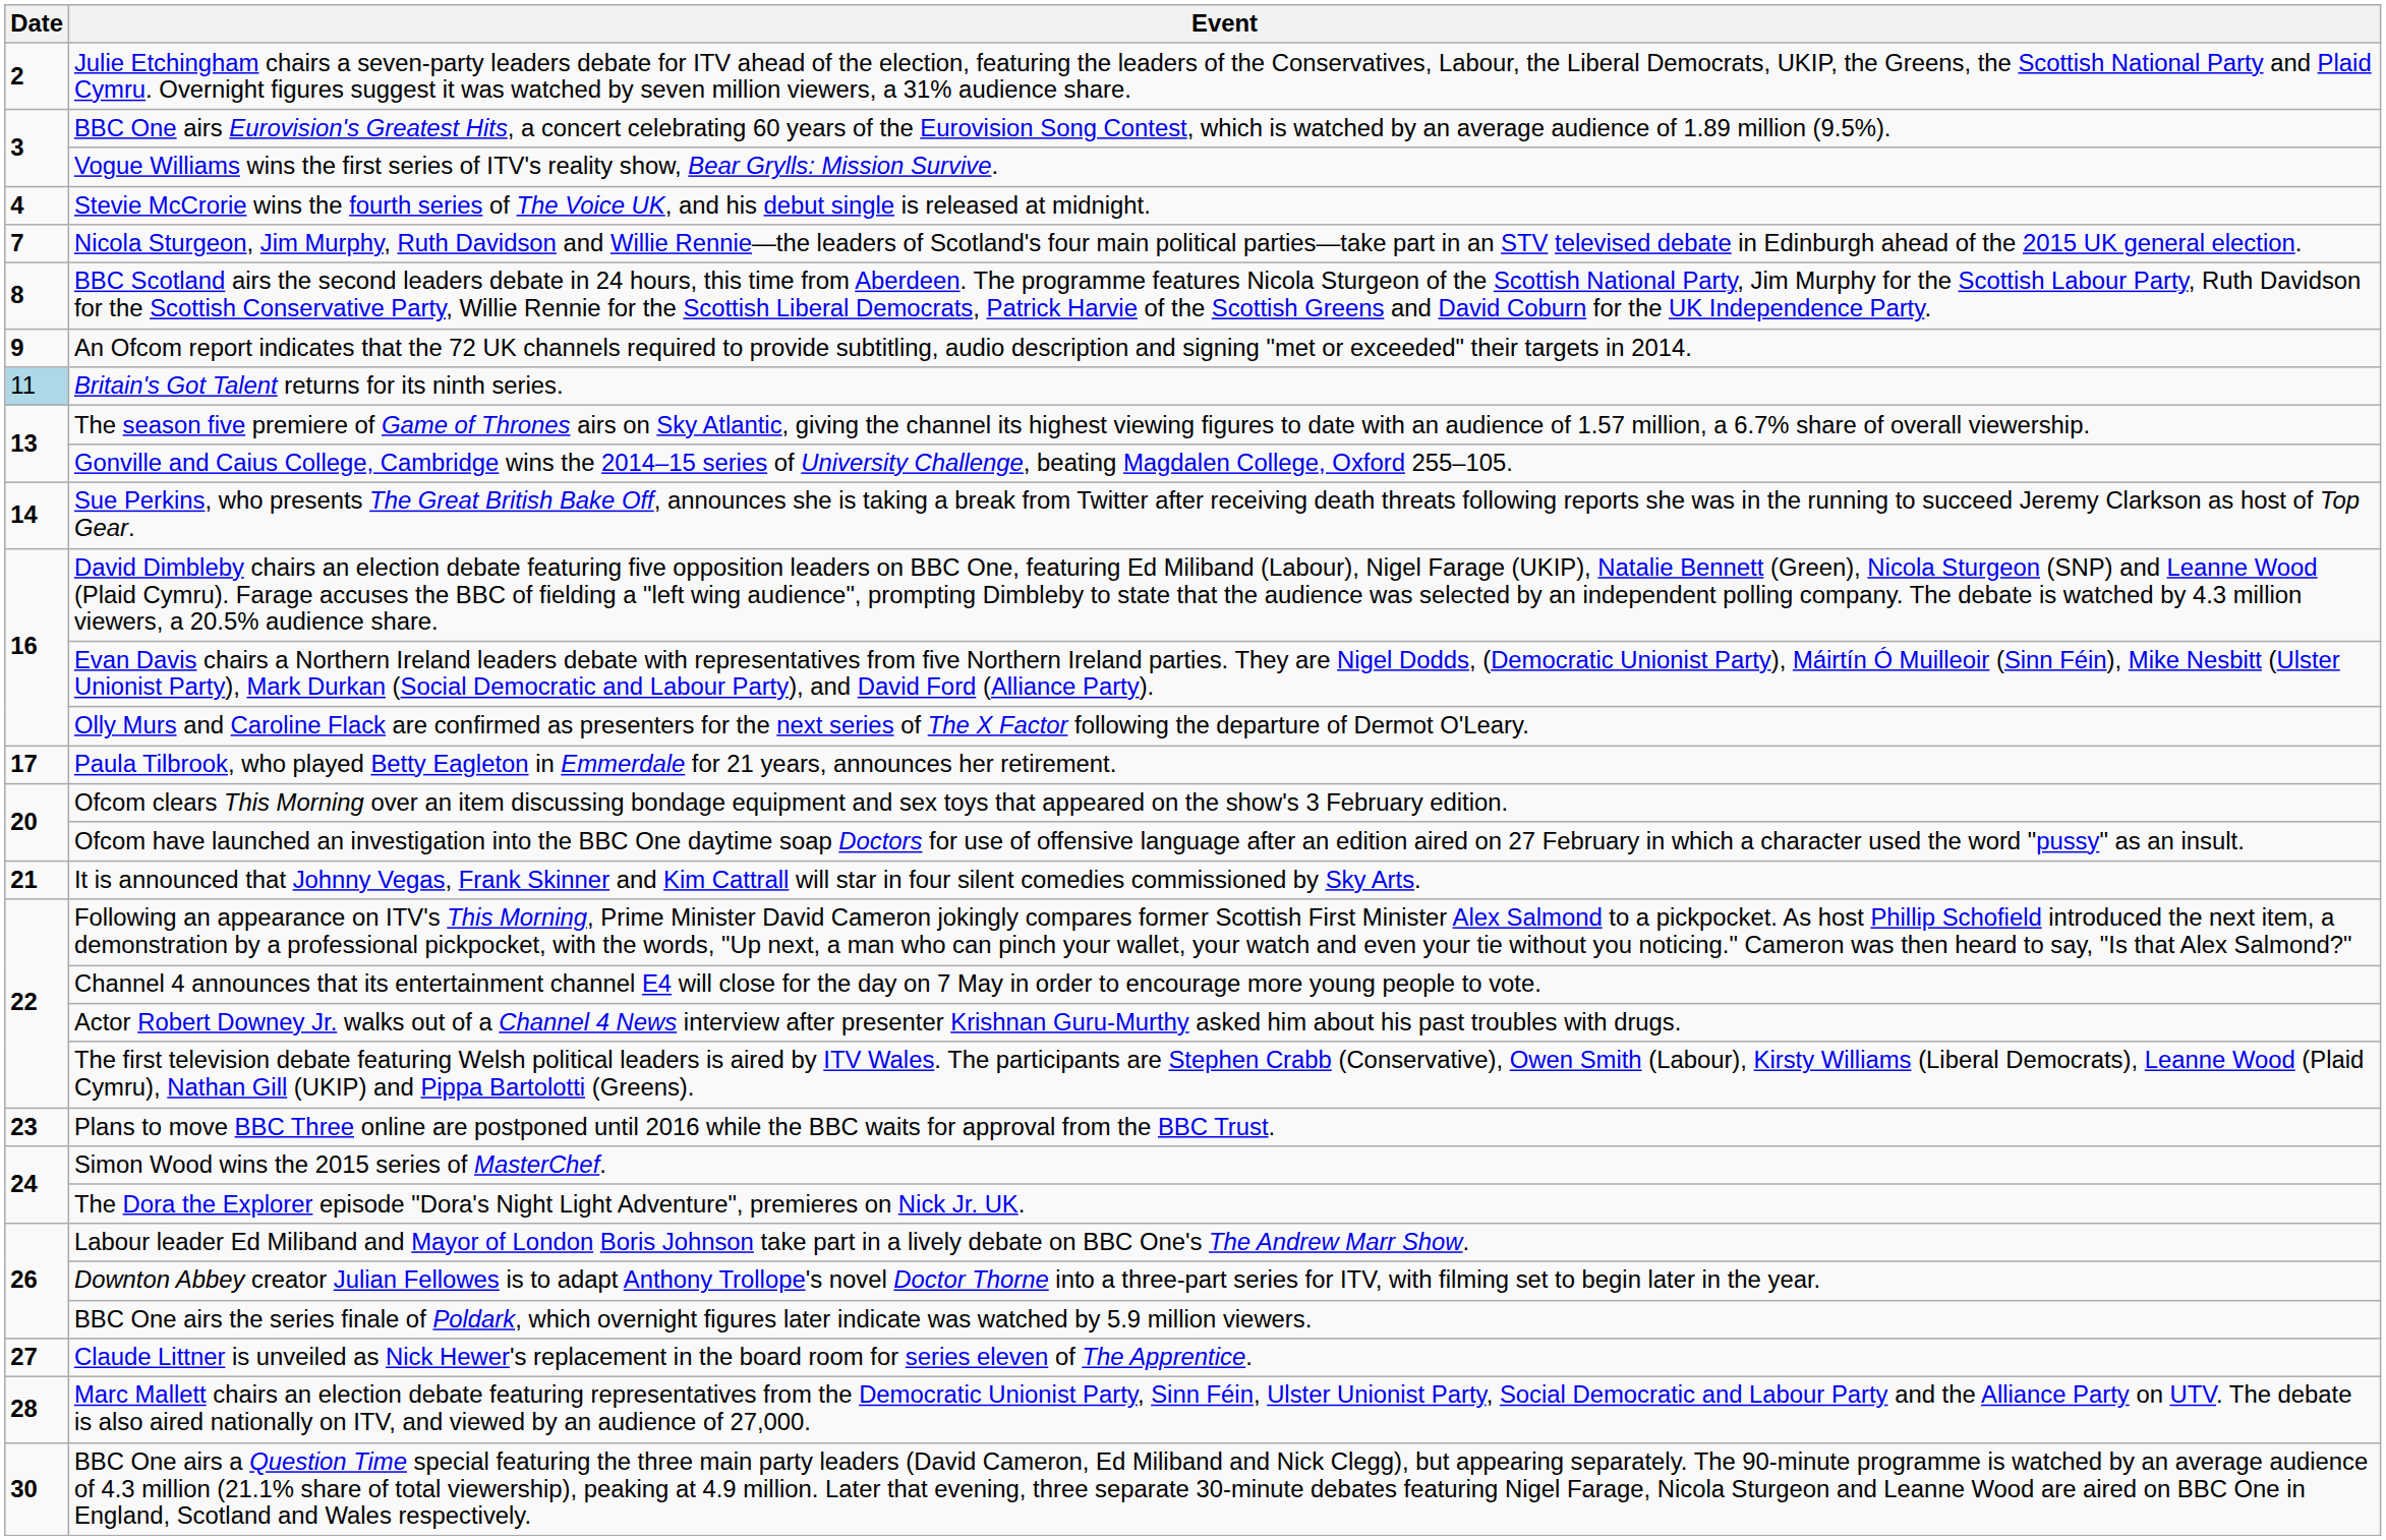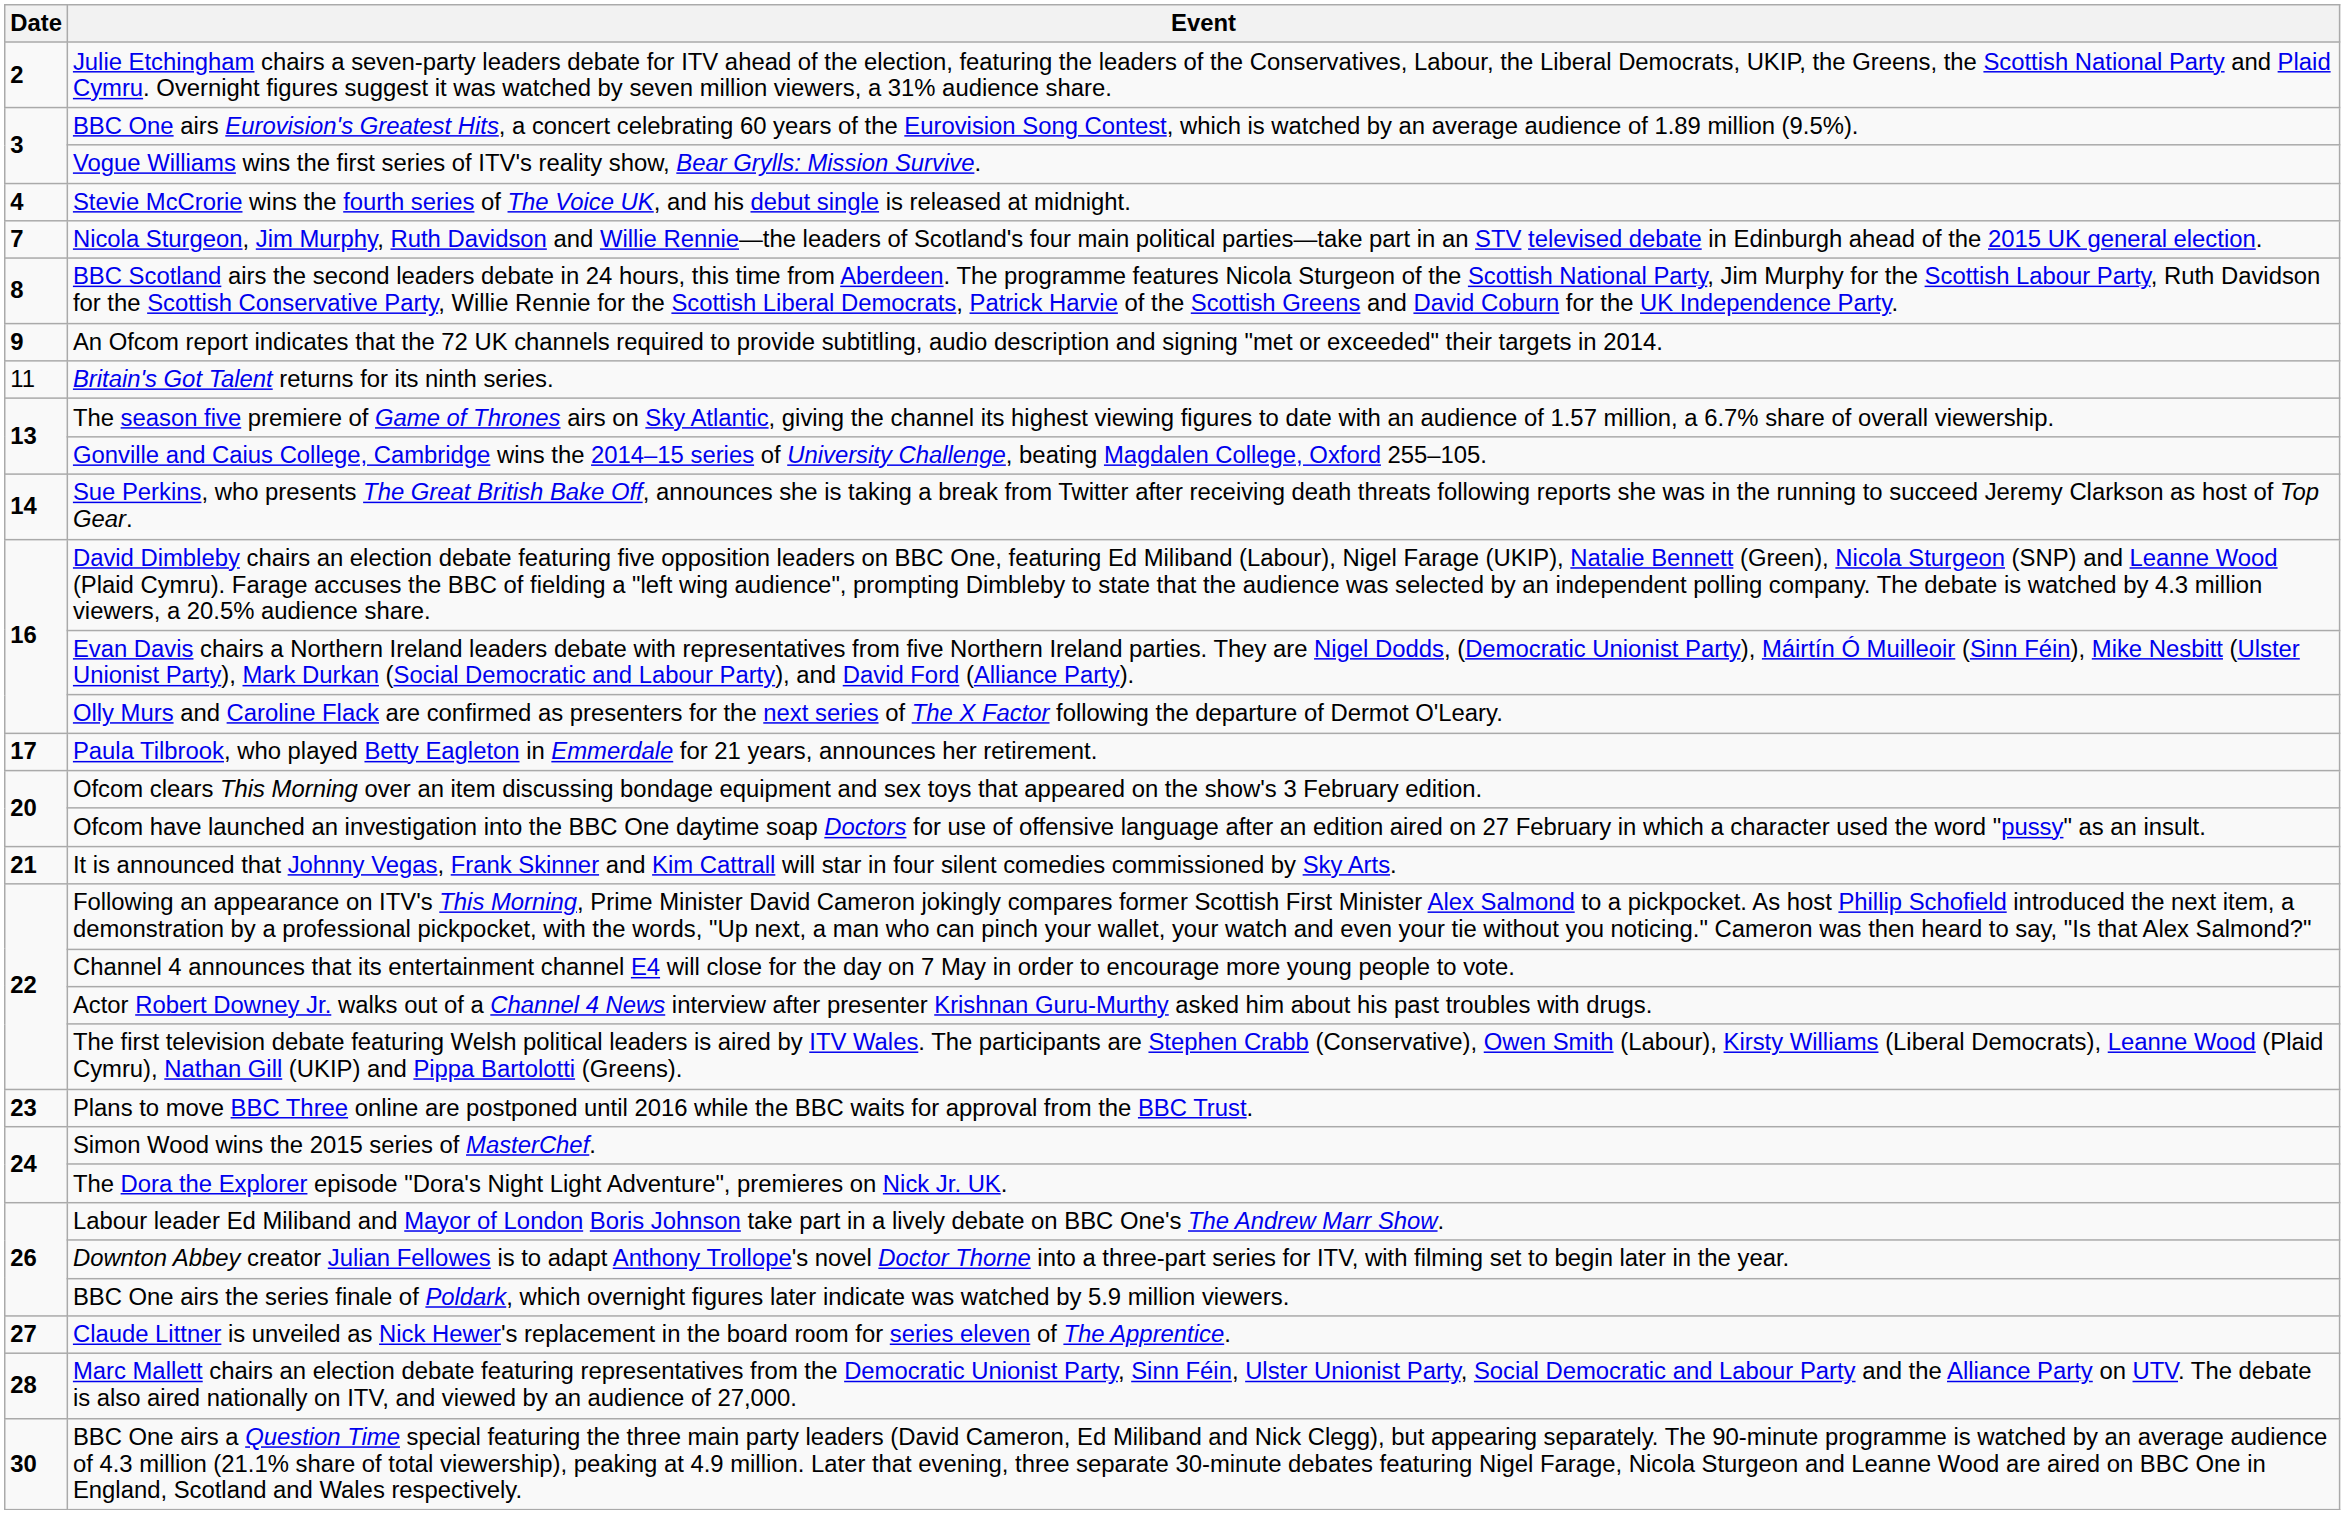 <table class="wikitable">
 <tr>
 <th>Date</th>
 <th>Event</th>
 </tr>
 <tr>
 <td><strong>2</strong></td>
 <td><a href='#'>Julie Etchingham</a> chairs a seven-party leaders debate for ITV ahead of the election, featuring the leaders of the Conservatives, Labour, the Liberal Democrats, UKIP, the Greens, the <a href='#'>Scottish National Party</a> and <a href='#'>Plaid Cymru</a>. Overnight figures suggest it was watched by seven million viewers, a 31% audience share.</td>
 </tr>
 <tr>
 <td rowspan="2"><strong>3</strong></td>
 <td><a href='#'>BBC One</a> airs <em><a href='#'>Eurovision's Greatest Hits</a></em>, a concert celebrating 60 years of the <a href='#'>Eurovision Song Contest</a>, which is watched by an average audience of 1.89 million (9.5%).</td>
 </tr>
 <tr>
 <td><a href='#'>Vogue Williams</a> wins the first series of ITV's reality show, <em><a href='#'>Bear Grylls: Mission Survive</a></em>.</td>
 </tr>
 <tr>
 <td><strong>4</strong></td>
 <td><a href='#'>Stevie McCrorie</a> wins the <a href='#'>fourth series</a> of <em><a href='#'>The Voice UK</a></em>, and his <a href='#'>debut single</a> is released at midnight.</td>
 </tr>
 <tr>
 <td><strong>7</strong></td>
 <td><a href='#'>Nicola Sturgeon</a>, <a href='#'>Jim Murphy</a>, <a href='#'>Ruth Davidson</a> and <a href='#'>Willie Rennie</a>—the leaders of Scotland's four main political parties—take part in an <a href='#'>STV</a> <a href='#'>televised debate</a> in Edinburgh ahead of the <a href='#'>2015 UK general election</a>.</td>
 </tr>
 <tr>
 <td><strong>8</strong></td>
 <td><a href='#'>BBC Scotland</a> airs the second leaders debate in 24 hours, this time from <a href='#'>Aberdeen</a>. The programme features Nicola Sturgeon of the <a href='#'>Scottish National Party</a>, Jim Murphy for the <a href='#'>Scottish Labour Party</a>, Ruth Davidson for the <a href='#'>Scottish Conservative Party</a>, Willie Rennie for the <a href='#'>Scottish Liberal Democrats</a>, <a href='#'>Patrick Harvie</a> of the <a href='#'>Scottish Greens</a> and <a href='#'>David Coburn</a> for the <a href='#'>UK Independence Party</a>.</td>
 </tr>
 <tr>
 <td><strong>9</strong></td>
 <td>An Ofcom report indicates that the 72 UK channels required to provide subtitling, audio description and signing "met or exceeded" their targets in 2014.</td>
 </tr>
 <tr>
-<td style="background: lightblue;">11</td>
+<td>11</td>
 <td><em><a href='#'>Britain's Got Talent</a></em> returns for its ninth series.</td>
 </tr>
 <tr>
 <td rowspan="2"><strong>13</strong></td>
 <td>The <a href='#'>season five</a> premiere of <em><a href='#'>Game of Thrones</a></em> airs on <a href='#'>Sky Atlantic</a>, giving the channel its highest viewing figures to date with an audience of 1.57 million, a 6.7% share of overall viewership.</td>
 </tr>
 <tr>
 <td><a href='#'>Gonville and Caius College, Cambridge</a> wins the <a href='#'>2014–15 series</a> of <em><a href='#'>University Challenge</a></em>, beating <a href='#'>Magdalen College, Oxford</a> 255–105.</td>
 </tr>
 <tr>
 <td><strong>14</strong></td>
 <td><a href='#'>Sue Perkins</a>, who presents <em><a href='#'>The Great British Bake Off</a></em>, announces she is taking a break from Twitter after receiving death threats following reports she was in the running to succeed Jeremy Clarkson as host of <em>Top Gear</em>.</td>
 </tr>
 <tr>
 <td rowspan="3"><strong>16</strong></td>
 <td><a href='#'>David Dimbleby</a> chairs an election debate featuring five opposition leaders on BBC One, featuring Ed Miliband (Labour), Nigel Farage (UKIP), <a href='#'>Natalie Bennett</a> (Green), <a href='#'>Nicola Sturgeon</a> (SNP) and <a href='#'>Leanne Wood</a> (Plaid Cymru). Farage accuses the BBC of fielding a "left wing audience", prompting Dimbleby to state that the audience was selected by an independent polling company. The debate is watched by 4.3 million viewers, a 20.5% audience share.</td>
 </tr>
 <tr>
 <td><a href='#'>Evan Davis</a> chairs a Northern Ireland leaders debate with representatives from five Northern Ireland parties. They are <a href='#'>Nigel Dodds</a>, (<a href='#'>Democratic Unionist Party</a>), <a href='#'>Máirtín Ó Muilleoir</a> (<a href='#'>Sinn Féin</a>), <a href='#'>Mike Nesbitt</a> (<a href='#'>Ulster Unionist Party</a>), <a href='#'>Mark Durkan</a> (<a href='#'>Social Democratic and Labour Party</a>), and <a href='#'>David Ford</a> (<a href='#'>Alliance Party</a>).</td>
 </tr>
 <tr>
 <td><a href='#'>Olly Murs</a> and <a href='#'>Caroline Flack</a> are confirmed as presenters for the <a href='#'>next series</a> of <em><a href='#'>The X Factor</a></em> following the departure of Dermot O'Leary.</td>
 </tr>
 <tr>
 <td><strong>17</strong></td>
 <td><a href='#'>Paula Tilbrook</a>, who played <a href='#'>Betty Eagleton</a> in <em><a href='#'>Emmerdale</a></em> for 21 years, announces her retirement.</td>
 </tr>
 <tr>
 <td rowspan=2><strong>20</strong></td>
 <td>Ofcom clears <em>This Morning</em> over an item discussing bondage equipment and sex toys that appeared on the show's 3 February edition.</td>
 </tr>
 <tr>
 <td>Ofcom have launched an investigation into the BBC One daytime soap <em><a href='#'>Doctors</a></em> for use of offensive language after an edition aired on 27 February in which a character used the word "<a href='#'>pussy</a>" as an insult.</td>
 </tr>
 <tr>
 <td><strong>21</strong></td>
 <td>It is announced that <a href='#'>Johnny Vegas</a>, <a href='#'>Frank Skinner</a> and <a href='#'>Kim Cattrall</a> will star in four silent comedies commissioned by <a href='#'>Sky Arts</a>.</td>
 </tr>
 <tr>
 <td rowspan="4"><strong>22</strong></td>
 <td>Following an appearance on ITV's <em><a href='#'>This Morning</a></em>, Prime Minister David Cameron jokingly compares former Scottish First Minister <a href='#'>Alex Salmond</a> to a pickpocket. As host <a href='#'>Phillip Schofield</a> introduced the next item, a demonstration by a professional pickpocket, with the words, "Up next, a man who can pinch your wallet, your watch and even your tie without you noticing." Cameron was then heard to say, "Is that Alex Salmond?"</td>
 </tr>
 <tr>
 <td>Channel 4 announces that its entertainment channel <a href='#'>E4</a> will close for the day on 7 May in order to encourage more young people to vote.</td>
 </tr>
 <tr>
 <td>Actor <a href='#'>Robert Downey Jr.</a> walks out of a <em><a href='#'>Channel 4 News</a></em> interview after presenter <a href='#'>Krishnan Guru-Murthy</a> asked him about his past troubles with drugs.</td>
 </tr>
 <tr>
 <td>The first television debate featuring Welsh political leaders is aired by <a href='#'>ITV Wales</a>. The participants are <a href='#'>Stephen Crabb</a> (Conservative), <a href='#'>Owen Smith</a> (Labour), <a href='#'>Kirsty Williams</a> (Liberal Democrats), <a href='#'>Leanne Wood</a> (Plaid Cymru), <a href='#'>Nathan Gill</a> (UKIP) and <a href='#'>Pippa Bartolotti</a> (Greens).</td>
 </tr>
 <tr>
 <td><strong>23</strong></td>
 <td>Plans to move <a href='#'>BBC Three</a> online are postponed until 2016 while the BBC waits for approval from the <a href='#'>BBC Trust</a>.</td>
 </tr>
 <tr>
 <td rowspan="2"><strong>24</strong></td>
 <td>Simon Wood wins the 2015 series of <em><a href='#'>MasterChef</a></em>.</td>
 </tr>
 <tr>
 <td>The <a href='#'>Dora the Explorer</a> episode "Dora's Night Light Adventure", premieres on <a href='#'>Nick Jr. UK</a>.</td>
 </tr>
 <tr>
 <td rowspan=3><strong>26</strong></td>
 <td>Labour leader Ed Miliband and <a href='#'>Mayor of London</a> <a href='#'>Boris Johnson</a> take part in a lively debate on BBC One's <em><a href='#'>The Andrew Marr Show</a></em>.</td>
 </tr>
 <tr>
 <td><em>Downton Abbey</em> creator <a href='#'>Julian Fellowes</a> is to adapt <a href='#'>Anthony Trollope</a>'s novel <em><a href='#'>Doctor Thorne</a></em> into a three-part series for ITV, with filming set to begin later in the year.</td>
 </tr>
 <tr>
 <td>BBC One airs the series finale of <em><a href='#'>Poldark</a></em>, which overnight figures later indicate was watched by 5.9 million viewers.</td>
 </tr>
 <tr>
 <td><strong>27</strong></td>
 <td><a href='#'>Claude Littner</a> is unveiled as <a href='#'>Nick Hewer</a>'s replacement in the board room for <a href='#'>series eleven</a> of <em><a href='#'>The Apprentice</a></em>.</td>
 </tr>
 <tr>
 <td><strong>28</strong></td>
 <td><a href='#'>Marc Mallett</a> chairs an election debate featuring representatives from the <a href='#'>Democratic Unionist Party</a>, <a href='#'>Sinn Féin</a>, <a href='#'>Ulster Unionist Party</a>, <a href='#'>Social Democratic and Labour Party</a> and the <a href='#'>Alliance Party</a> on <a href='#'>UTV</a>. The debate is also aired nationally on ITV, and viewed by an audience of 27,000.</td>
 </tr>
 <tr>
 <td><strong>30</strong></td>
 <td>BBC One airs a <em><a href='#'>Question Time</a></em> special featuring the three main party leaders (David Cameron, Ed Miliband and Nick Clegg), but appearing separately. The 90-minute programme is watched by an average audience of 4.3 million (21.1% share of total viewership), peaking at 4.9 million. Later that evening, three separate 30-minute debates featuring Nigel Farage, Nicola Sturgeon and Leanne Wood are aired on BBC One in England, Scotland and Wales respectively.</td>
 </tr>
 </table>
